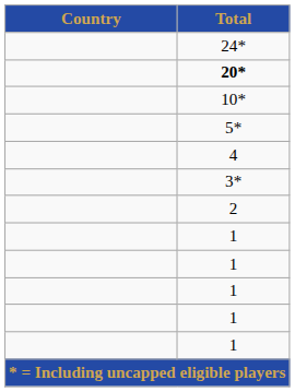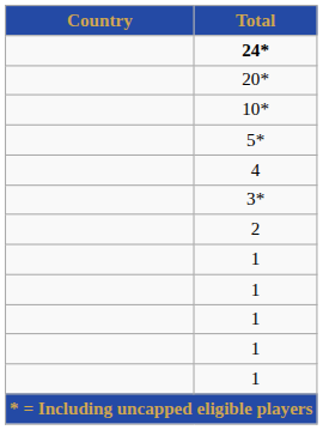 <table class="wikitable floatright" style="text-align: center;font-size:90%;">
 <tr>
 <th style="background: #244AA5; color: #D0A650;">Country</th>
 <th style="background: #244AA5; color: #D0A650;">Total</th>
 </tr>
 <tr>
 <td></td>
-<td>24*</td>
+<td><strong>24*</strong></td>
 </tr>
 <tr>
 <td></td>
-<td><strong>20*</strong></td>
+<td>20*</td>
 </tr>
 <tr>
 <td></td>
 <td>10*</td>
 </tr>
 <tr>
 <td></td>
 <td>5*</td>
 </tr>
 <tr>
 <td><br></td>
 <td>4</td>
 </tr>
 <tr>
 <td></td>
 <td>3*</td>
 </tr>
 <tr>
 <td></td>
 <td>2</td>
 </tr>
 <tr>
 <td></td>
 <td>1</td>
 </tr>
 <tr>
 <td></td>
 <td>1</td>
 </tr>
 <tr>
 <td></td>
 <td>1</td>
 </tr>
 <tr>
 <td></td>
 <td>1</td>
 </tr>
 <tr>
 <td><br></td>
 <td>1</td>
 </tr>
 <tr>
 <th colspan="2" style="background: #244AA5; color: #D0A650;">* = Including uncapped eligible players</th>
 </tr>
 </table>
